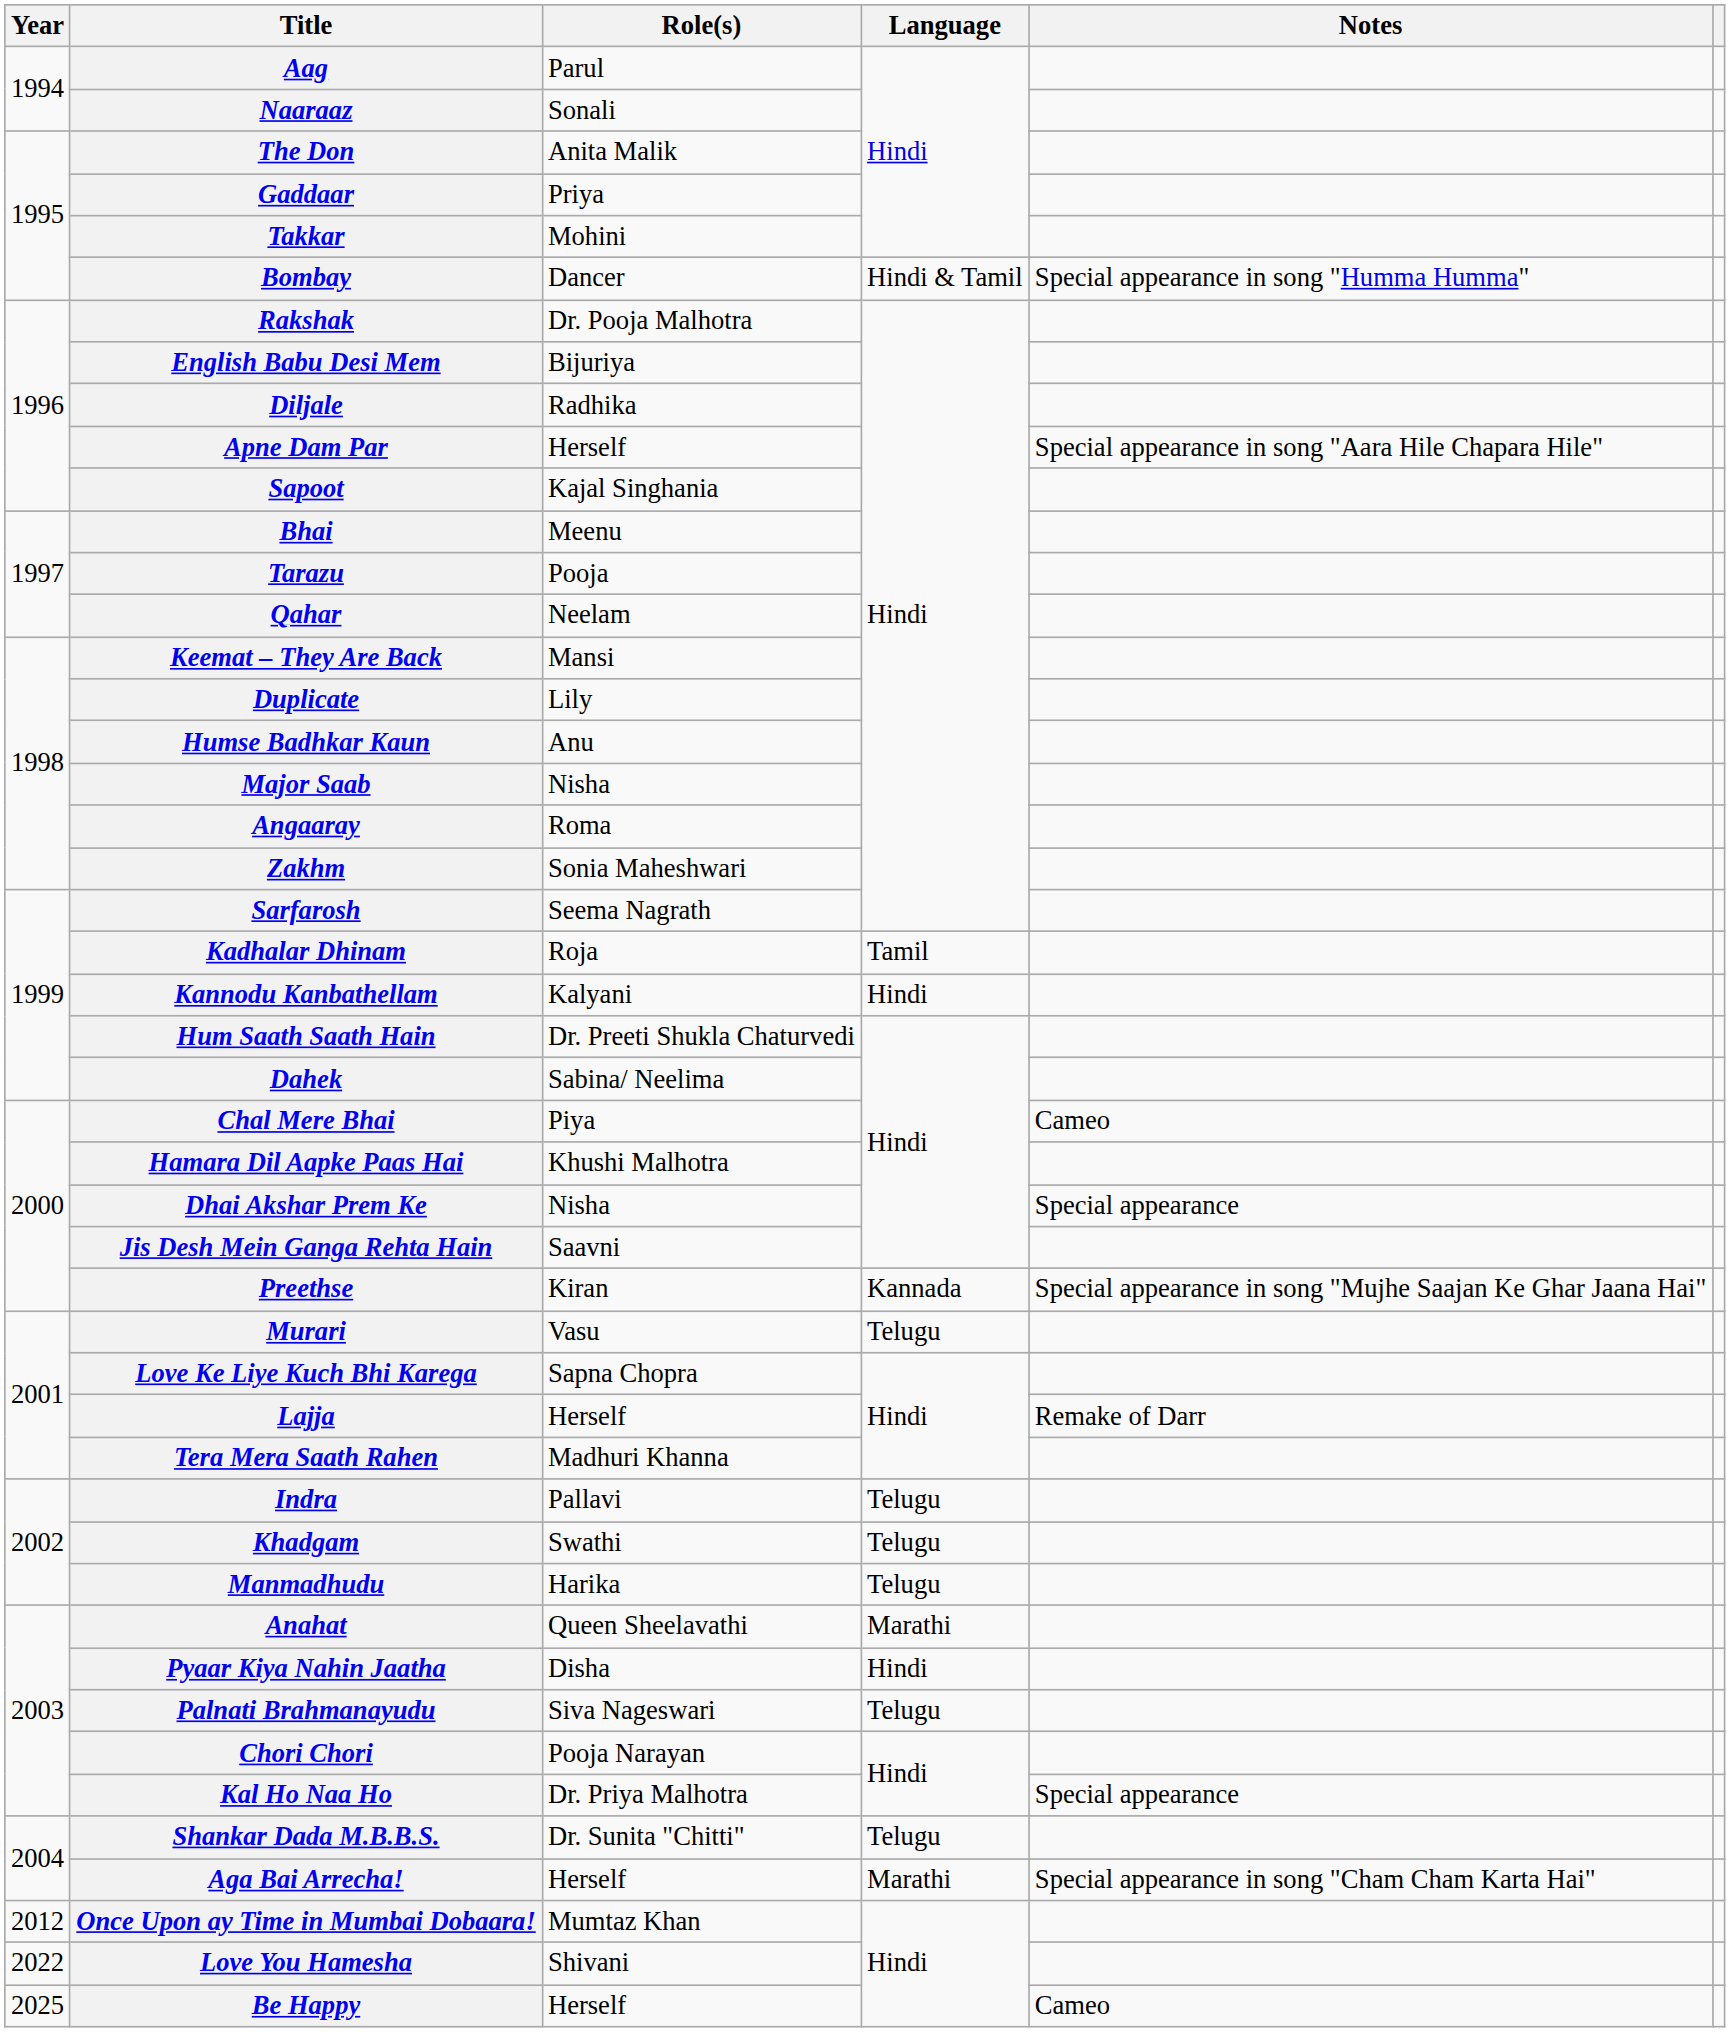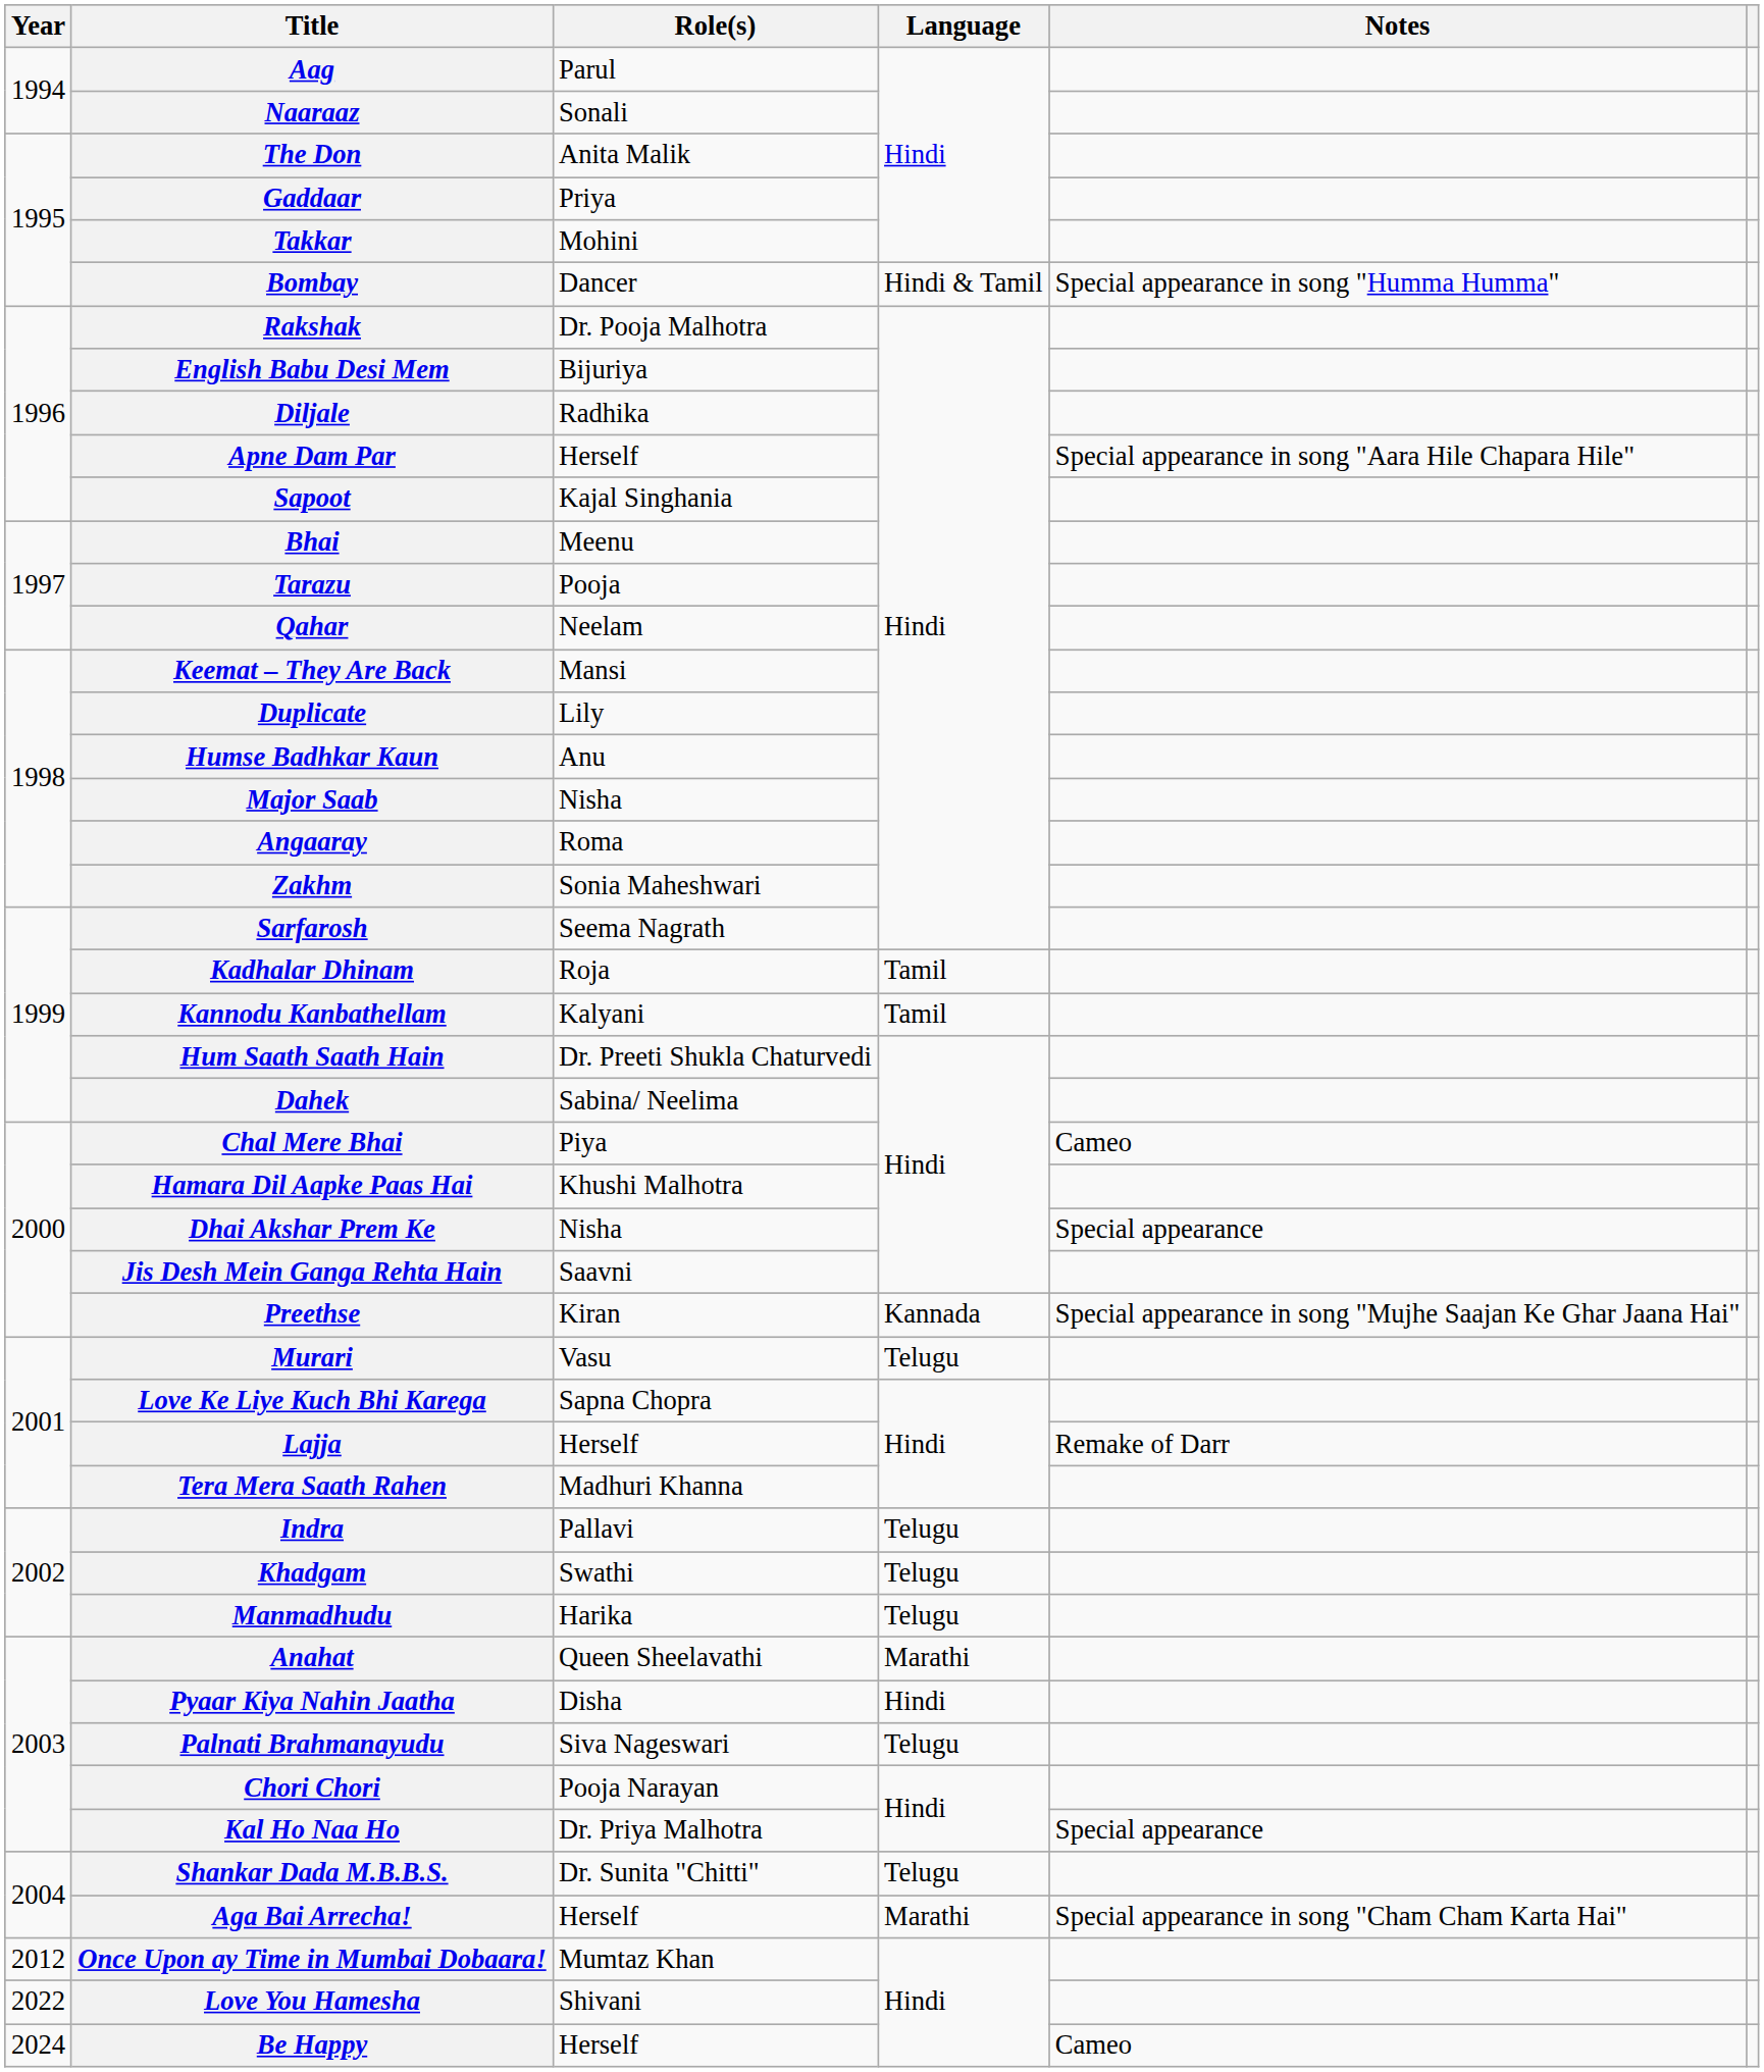 <table class="wikitable sortable plainrowheaders">
 <tr>
 <th scope="col">Year</th>
 <th scope="col">Title</th>
 <th scope="col">Role(s)</th>
 <th scope="col">Language</th>
 <th scope="col" class="unsortable">Notes</th>
 <th scope="col" class="unsortable"></th>
 </tr>
 <tr>
 <td rowspan="2">1994</td>
 <th scope= "row"><em><a href='#'>Aag</a></em></th>
 <td>Parul</td>
 <td rowspan="5"><a href='#'>Hindi</a></td>
 <td></td>
 <td style="text-align: center;"></td>
 </tr>
 <tr>
 <th scope= "row"><em><a href='#'>Naaraaz</a></em></th>
 <td>Sonali</td>
 <td></td>
 <td style="text-align: center;"></td>
 </tr>
 <tr>
 <td rowspan="4">1995</td>
 <th scope= "row"><em><a href='#'>The Don</a></em></th>
 <td>Anita Malik</td>
 <td></td>
 <td style="text-align:center;"></td>
 </tr>
 <tr>
 <th scope= "row"><em><a href='#'>Gaddaar</a></em></th>
 <td>Priya</td>
 <td></td>
 <td style="text-align:center;"></td>
 </tr>
 <tr>
 <th scope= "row"><em><a href='#'>Takkar</a></em></th>
 <td>Mohini</td>
 <td></td>
 <td style="text-align: center;"></td>
 </tr>
 <tr>
 <th scope= "row"><em><a href='#'>Bombay</a></em></th>
 <td>Dancer</td>
 <td>Hindi & Tamil</td>
 <td>Special appearance in song "<a href='#'>Humma Humma</a>"</td>
 <td style="text-align: center;"></td>
 </tr>
 <tr>
 <td rowspan="5">1996</td>
 <th scope= "row"><em><a href='#'>Rakshak</a></em></th>
 <td>Dr. Pooja Malhotra</td>
 <td rowspan="15">Hindi</td>
 <td></td>
 <td style="text-align: center;"></td>
 </tr>
 <tr>
 <th scope= "row"><em><a href='#'>English Babu Desi Mem</a></em></th>
 <td>Bijuriya</td>
 <td></td>
 <td style="text-align:center;"></td>
 </tr>
 <tr>
 <th scope= "row"><em><a href='#'>Diljale</a></em></th>
 <td>Radhika</td>
 <td></td>
 <td style="text-align: center;"></td>
 </tr>
 <tr>
 <th scope= "row"><em><a href='#'>Apne Dam Par</a></em></th>
 <td>Herself</td>
 <td>Special appearance in song "Aara Hile Chapara Hile"</td>
 <td style="text-align:center;"></td>
 </tr>
 <tr>
 <th scope= "row"><em><a href='#'>Sapoot</a></em></th>
 <td>Kajal Singhania</td>
 <td></td>
 <td style="text-align:center;"></td>
 </tr>
 <tr>
 <td rowspan="3">1997</td>
 <th scope= "row"><em><a href='#'>Bhai</a></em></th>
 <td>Meenu</td>
 <td></td>
 <td style="text-align:center;"></td>
 </tr>
 <tr>
 <th scope= "row"><em><a href='#'>Tarazu</a></em></th>
 <td>Pooja</td>
 <td></td>
 <td style="text-align:center;"></td>
 </tr>
 <tr>
 <th scope= "row"><em><a href='#'>Qahar</a></em></th>
 <td>Neelam</td>
 <td></td>
 <td style="text-align:center;"></td>
 </tr>
 <tr>
 <td rowspan="6">1998</td>
 <th scope= "row"><em><a href='#'>Keemat – They Are Back</a></em></th>
 <td>Mansi</td>
 <td></td>
 <td style="text-align:center;"></td>
 </tr>
 <tr>
 <th scope= "row"><em><a href='#'>Duplicate</a></em></th>
 <td>Lily</td>
 <td></td>
 <td style="text-align:center;"></td>
 </tr>
 <tr>
 <th scope= "row"><em><a href='#'>Humse Badhkar Kaun</a></em></th>
 <td>Anu</td>
 <td></td>
 <td style="text-align:center;"></td>
 </tr>
 <tr>
 <th scope= "row"><em><a href='#'>Major Saab</a></em></th>
 <td>Nisha</td>
 <td></td>
 <td style="text-align:center;"></td>
 </tr>
 <tr>
 <th scope= "row"><em><a href='#'>Angaaray</a></em></th>
 <td>Roma</td>
 <td></td>
 <td style="text-align:center;"></td>
 </tr>
 <tr>
 <th scope= "row"><em><a href='#'>Zakhm</a></em></th>
 <td>Sonia Maheshwari</td>
 <td></td>
 <td style="text-align:center;"></td>
 </tr>
 <tr>
 <td rowspan="5">1999</td>
 <th scope= "row"><em><a href='#'>Sarfarosh</a></em></th>
 <td>Seema Nagrath</td>
 <td></td>
 <td style="text-align:center;"></td>
 </tr>
 <tr>
 <th scope= "row"><em><a href='#'>Kadhalar Dhinam</a></em></th>
 <td>Roja</td>
 <td>Tamil</td>
 <td></td>
 <td style="text-align:center;"></td>
 </tr>
 <tr>
 <th scope= "row"><em><a href='#'>Kannodu Kanbathellam</a></em></th>
 <td>Kalyani</td>
-<td>Hindi</td>
+<td>Tamil</td>
 <td></td>
 <td style="text-align:center;"></td>
 </tr>
 <tr>
 <th scope= "row"><em><a href='#'>Hum Saath Saath Hain</a></em></th>
 <td>Dr. Preeti Shukla Chaturvedi</td>
 <td rowspan="6">Hindi</td>
 <td></td>
 <td style="text-align: center;"></td>
 </tr>
 <tr>
 <th scope= "row"><em><a href='#'>Dahek</a></em></th>
 <td>Sabina/ Neelima </td>
 <td></td>
 <td style="text-align:center;"></td>
 </tr>
 <tr>
 <td rowspan="5">2000</td>
 <th scope= "row"><em><a href='#'>Chal Mere Bhai</a></em></th>
 <td>Piya</td>
 <td>Cameo</td>
 <td style="text-align:center;"></td>
 </tr>
 <tr>
 <th scope= "row"><em><a href='#'>Hamara Dil Aapke Paas Hai</a></em></th>
 <td>Khushi Malhotra</td>
 <td></td>
 <td style="text-align:center;"></td>
 </tr>
 <tr>
 <th scope= "row"><em><a href='#'>Dhai Akshar Prem Ke</a></em></th>
 <td>Nisha</td>
 <td>Special appearance</td>
 <td style="text-align:center;"></td>
 </tr>
 <tr>
 <th scope= "row"><em><a href='#'>Jis Desh Mein Ganga Rehta Hain</a></em></th>
 <td>Saavni</td>
 <td></td>
 <td style="text-align:center;"></td>
 </tr>
 <tr>
 <th scope= "row"><em><a href='#'>Preethse</a></em></th>
 <td>Kiran</td>
 <td>Kannada</td>
 <td>Special appearance in song "Mujhe Saajan Ke Ghar Jaana Hai"</td>
 <td style="text-align:center;"></td>
 </tr>
 <tr>
 <td rowspan="4">2001</td>
 <th scope= "row"><em><a href='#'>Murari</a></em></th>
 <td>Vasu</td>
 <td>Telugu</td>
 <td></td>
 <td style="text-align:center;"></td>
 </tr>
 <tr>
 <th scope= "row"><em><a href='#'>Love Ke Liye Kuch Bhi Karega</a></em></th>
 <td>Sapna Chopra</td>
 <td rowspan="3">Hindi</td>
 <td></td>
 <td style="text-align:center;"></td>
 </tr>
 <tr>
 <th scope= "row"><em><a href='#'>Lajja</a></em></th>
 <td>Herself</td>
 <td>Remake of Darr</td>
 <td style="text-align:center;"></td>
 </tr>
 <tr>
 <th scope= "row"><em><a href='#'>Tera Mera Saath Rahen</a></em></th>
 <td>Madhuri Khanna</td>
 <td></td>
 <td style="text-align:center;"></td>
 </tr>
 <tr>
 <td rowspan="3">2002</td>
 <th scope= "row"><em><a href='#'>Indra</a></em></th>
 <td>Pallavi</td>
 <td>Telugu</td>
 <td></td>
 <td style="text-align:center;"></td>
 </tr>
 <tr>
 <th scope= "row"><em><a href='#'>Khadgam</a></em></th>
 <td>Swathi</td>
 <td>Telugu</td>
 <td></td>
 <td style="text-align:center;"></td>
 </tr>
 <tr>
 <th scope= "row"><em><a href='#'>Manmadhudu</a></em></th>
 <td>Harika</td>
 <td>Telugu</td>
 <td></td>
 <td style="text-align:center;"></td>
 </tr>
 <tr>
 <td rowspan="5">2003</td>
 <th scope= "row"><em><a href='#'>Anahat</a></em></th>
 <td>Queen Sheelavathi</td>
 <td>Marathi</td>
 <td></td>
 <td style="text-align:center;"></td>
 </tr>
 <tr>
 <th scope= "row"><em><a href='#'>Pyaar Kiya Nahin Jaatha</a></em></th>
 <td>Disha</td>
 <td>Hindi</td>
 <td></td>
 <td style="text-align:center;"></td>
 </tr>
 <tr>
 <th scope= "row"><em><a href='#'>Palnati Brahmanayudu</a></em></th>
 <td>Siva Nageswari</td>
 <td>Telugu</td>
 <td></td>
 <td style="text-align:center;"></td>
 </tr>
 <tr>
 <th scope= "row"><em><a href='#'>Chori Chori</a></em></th>
 <td>Pooja Narayan</td>
 <td rowspan="2">Hindi</td>
 <td></td>
 <td style="text-align:center;"></td>
 </tr>
 <tr>
 <th scope= "row"><em><a href='#'>Kal Ho Naa Ho</a></em></th>
 <td>Dr. Priya Malhotra</td>
 <td>Special appearance</td>
 <td style="text-align:center;"></td>
 </tr>
 <tr>
 <td rowspan="2">2004</td>
 <th scope= "row"><em><a href='#'>Shankar Dada M.B.B.S.</a></em></th>
 <td>Dr. Sunita "Chitti"</td>
 <td>Telugu</td>
 <td></td>
 <td style="text-align:center;"></td>
 </tr>
 <tr>
 <th scope= "row"><em><a href='#'>Aga Bai Arrecha!</a></em></th>
 <td>Herself</td>
 <td>Marathi</td>
 <td>Special appearance in song "Cham Cham Karta Hai"</td>
 <td style="text-align:center;"></td>
 </tr>
 <tr>
 <td>2012</td>
 <th scope= "row"><em><a href='#'>Once Upon ay Time in Mumbai Dobaara!</a></em></th>
 <td>Mumtaz Khan</td>
 <td rowspan="3">Hindi</td>
 <td></td>
 <td style="text-align:center;"></td>
 </tr>
 <tr>
 <td>2022</td>
 <th scope= "row"><em><a href='#'>Love You Hamesha</a></em></th>
 <td>Shivani</td>
 <td></td>
 <td style="text-align:center;"></td>
 </tr>
 <tr>
-<td>2025</td>
+<td>2024</td>
 <th scope= "row"><em><a href='#'>Be Happy</a></em></th>
 <td>Herself</td>
 <td>Cameo</td>
 <td style="text-align:center;"></td>
 </tr>
 </table>
